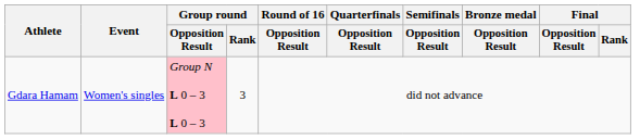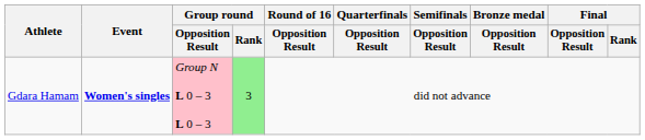 <table class="wikitable" style="font-size:90%;">
 <tr>
 <th rowspan="2">Athlete</th>
 <th rowspan="2">Event</th>
 <th colspan="2">Group round</th>
 <th>Round of 16</th>
 <th>Quarterfinals</th>
 <th>Semifinals</th>
 <th>Bronze medal</th>
 <th colspan=2>Final</th>
 </tr>
 <tr style="font-size:95%">
 <th>Opposition<br>Result</th>
 <th>Rank</th>
 <th>Opposition<br>Result</th>
 <th>Opposition<br>Result</th>
 <th>Opposition<br>Result</th>
 <th>Opposition<br>Result</th>
 <th>Opposition<br>Result</th>
 <th>Rank</th>
 </tr>
 <tr align=center>
 <td align=left><a href='#'>Gdara Hamam</a></td>
-<td align=left><a href='#'>Women's singles</a></td>
+<td align=left><strong><a href='#'>Women's singles</a></strong></td>
 <td align=left style="background: pink;"><em>Group N</em><br><br><strong>L</strong> 0 – 3<br><br><strong>L</strong> 0 – 3</td>
-<td>3</td>
+<td style="background: lightgreen;">3</td>
 <td colspan=6>did not advance</td>
 </tr>
 </table>
